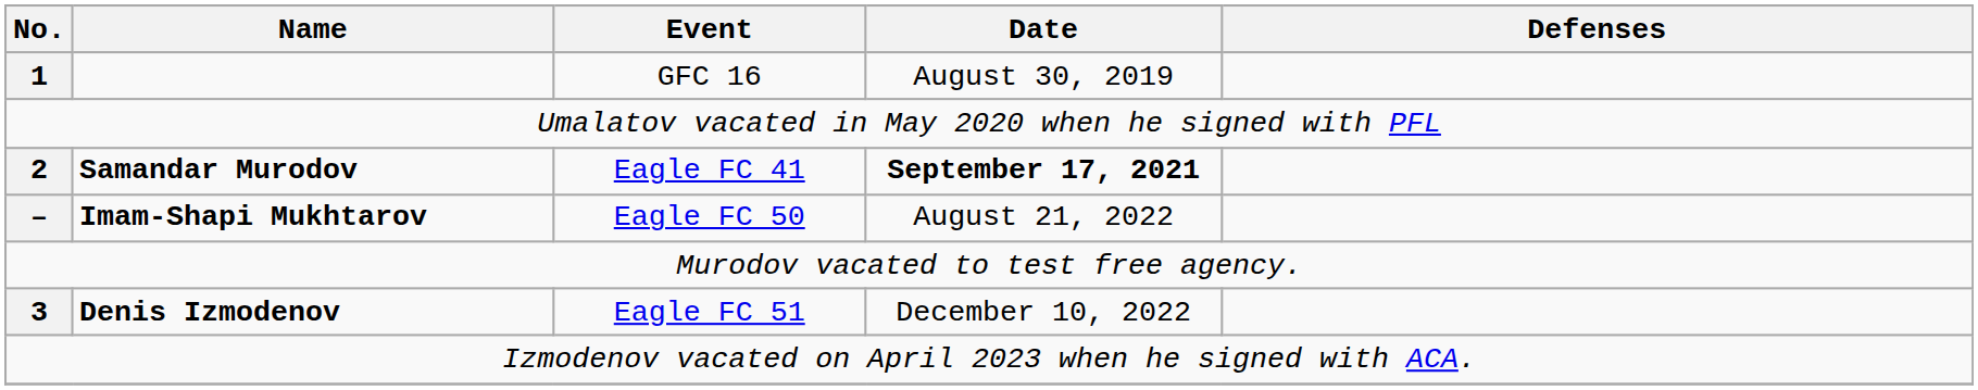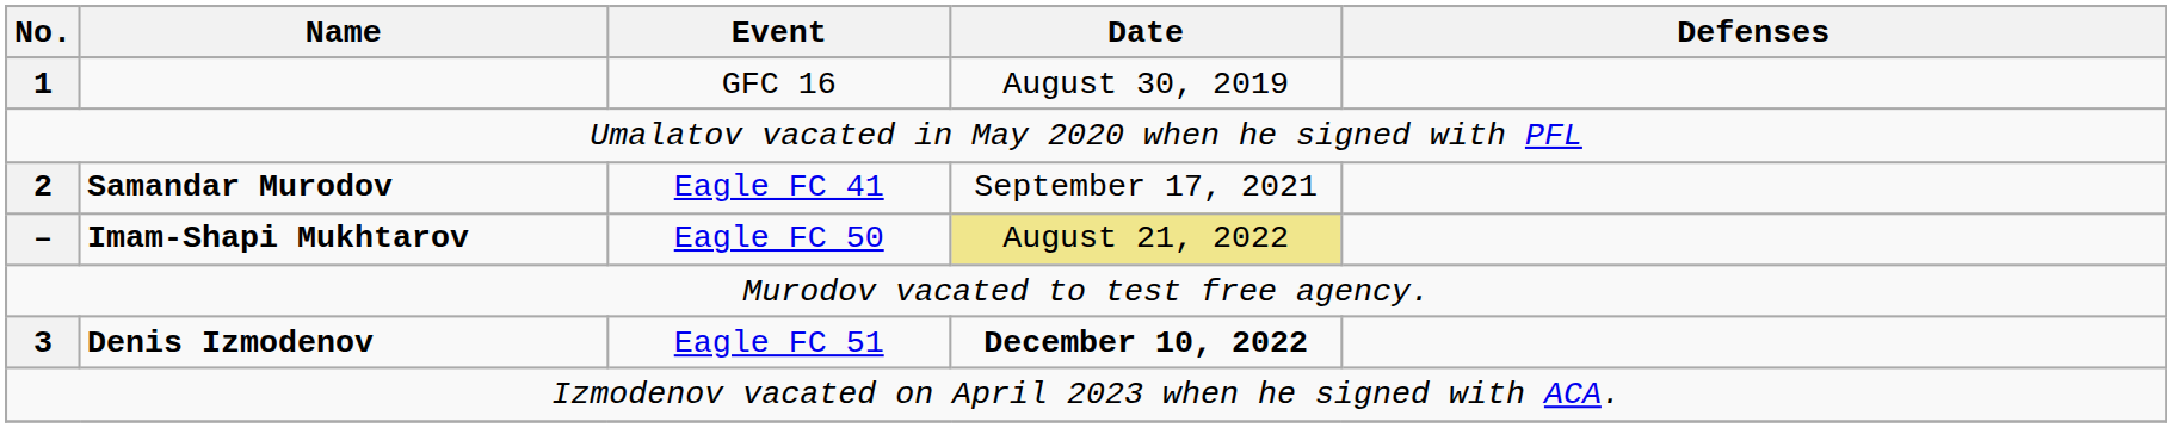 <table class="wikitable" width=100%>
 <tr>
 <th width=1%>No.</th>
 <th width=23%>Name</th>
 <th width=15%>Event</th>
 <th width=17%>Date</th>
 <th width=36%>Defenses</th>
 </tr>
 <tr>
 <th>1</th>
 <td align=left><br></td>
 <td align=center>GFC 16<br></td>
 <td align=center>August 30, 2019</td>
 <td></td>
 </tr>
 <tr>
 <td colspan="5" align="center"><em>Umalatov vacated in May 2020 when he signed with <a href='#'>PFL</a></em></td>
 </tr>
 <tr>
 <th>2</th>
 <td align=left> <strong>Samandar Murodov</strong><br></td>
 <td align=center><a href='#'>Eagle FC 41</a><br></td>
-<td align=center><strong>September 17, 2021</strong></td>
+<td align=center>September 17, 2021</td>
 <td></td>
 </tr>
 <tr>
 <th>–</th>
 <td align=left> <strong>Imam-Shapi Mukhtarov</strong><br></td>
 <td align=center><a href='#'>Eagle FC 50</a><br></td>
-<td align=center>August 21, 2022</td>
+<td align=center style="background: khaki;">August 21, 2022</td>
 <td></td>
 </tr>
 <tr>
 <td colspan="5" align="center"><em>Murodov vacated to test free agency.</em></td>
 </tr>
 <tr>
 <th>3</th>
 <td align=left> <strong>Denis Izmodenov</strong><br></td>
 <td align=center><a href='#'>Eagle FC 51</a><br></td>
-<td align=center>December 10, 2022</td>
+<td align=center><strong>December 10, 2022</strong></td>
 <td></td>
 </tr>
 <tr>
 <td colspan="5" align="center"><em>Izmodenov vacated on April 2023 when he signed with <a href='#'>ACA</a>.</em> </td>
 </tr>
 <tr>
 </tr>
 </table>
